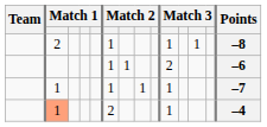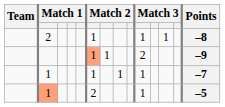 <table class="wikitable sortable" style="text-align:center;">
 <tr>
 <th rowspan=2>Team</th>
 <th colspan=4 style="border-left:3px solid gray">Match 1</th>
 <th colspan=4 style="border-left:3px solid gray">Match 2</th>
 <th colspan=4 style="border-left:3px solid gray">Match 3</th>
 <th rowspan=2 style="border-left:3px solid gray">Points</th>
 </tr>
 <tr>
 <th style="border-left:3px solid gray"></th>
 <th></th>
 <th></th>
 <th></th>
 <th style="border-left:3px solid gray"></th>
 <th></th>
 <th></th>
 <th></th>
 <th style="border-left:3px solid gray"></th>
 <th></th>
 <th></th>
 <th></th>
 </tr>
 <tr>
 <td align=left></td>
 <td style="border-left:3px solid gray">2</td>
 <td></td>
 <td></td>
 <td></td>
 <td style="border-left:3px solid gray">1</td>
 <td></td>
 <td></td>
 <td></td>
 <td style="border-left:3px solid gray">1</td>
 <td></td>
 <td>1</td>
 <td></td>
 <th style="border-left:3px solid gray">–8</th>
 </tr>
 <tr>
 <td align=left></td>
 <td style="border-left:3px solid gray"></td>
 <td></td>
 <td></td>
 <td></td>
-<td style="border-left:3px solid gray">1</td>
+<td style="background: lightsalmon; border-left:3px solid gray">1</td>
 <td>1</td>
 <td></td>
 <td></td>
 <td style="border-left:3px solid gray">2</td>
 <td></td>
 <td></td>
 <td></td>
-<th style="border-left:3px solid gray">–6</th>
+<th style="border-left:3px solid gray">–9</th>
 </tr>
 <tr>
 <td align=left></td>
 <td style="border-left:3px solid gray">1</td>
 <td></td>
 <td></td>
 <td></td>
 <td style="border-left:3px solid gray">1</td>
 <td></td>
 <td>1</td>
 <td></td>
 <td style="border-left:3px solid gray">1</td>
 <td></td>
 <td></td>
 <td></td>
 <th style="border-left:3px solid gray">–7</th>
 </tr>
 <tr>
 <td align=left></td>
 <td style="background: lightsalmon; border-left:3px solid gray">1</td>
 <td></td>
 <td></td>
 <td></td>
 <td style="border-left:3px solid gray">2</td>
 <td></td>
 <td></td>
 <td></td>
 <td style="border-left:3px solid gray">1</td>
 <td></td>
 <td></td>
 <td></td>
-<th style="border-left:3px solid gray">–4</th>
+<th style="border-left:3px solid gray">–5</th>
 </tr>
 </table>
